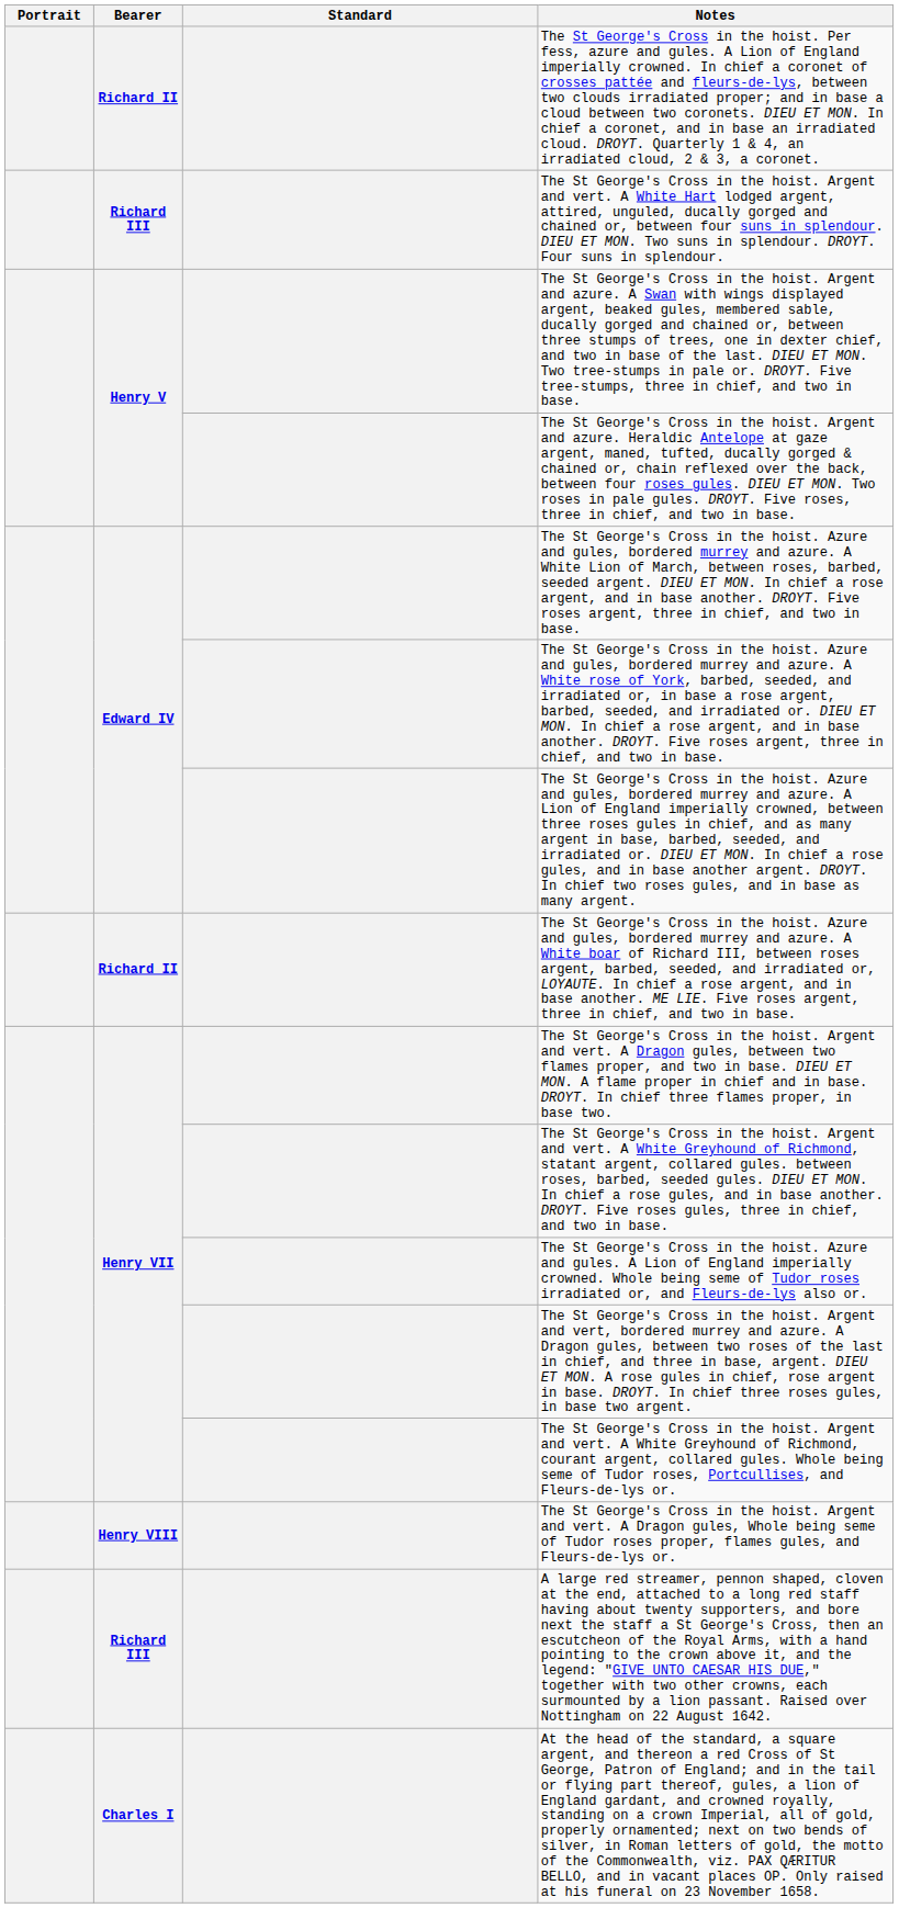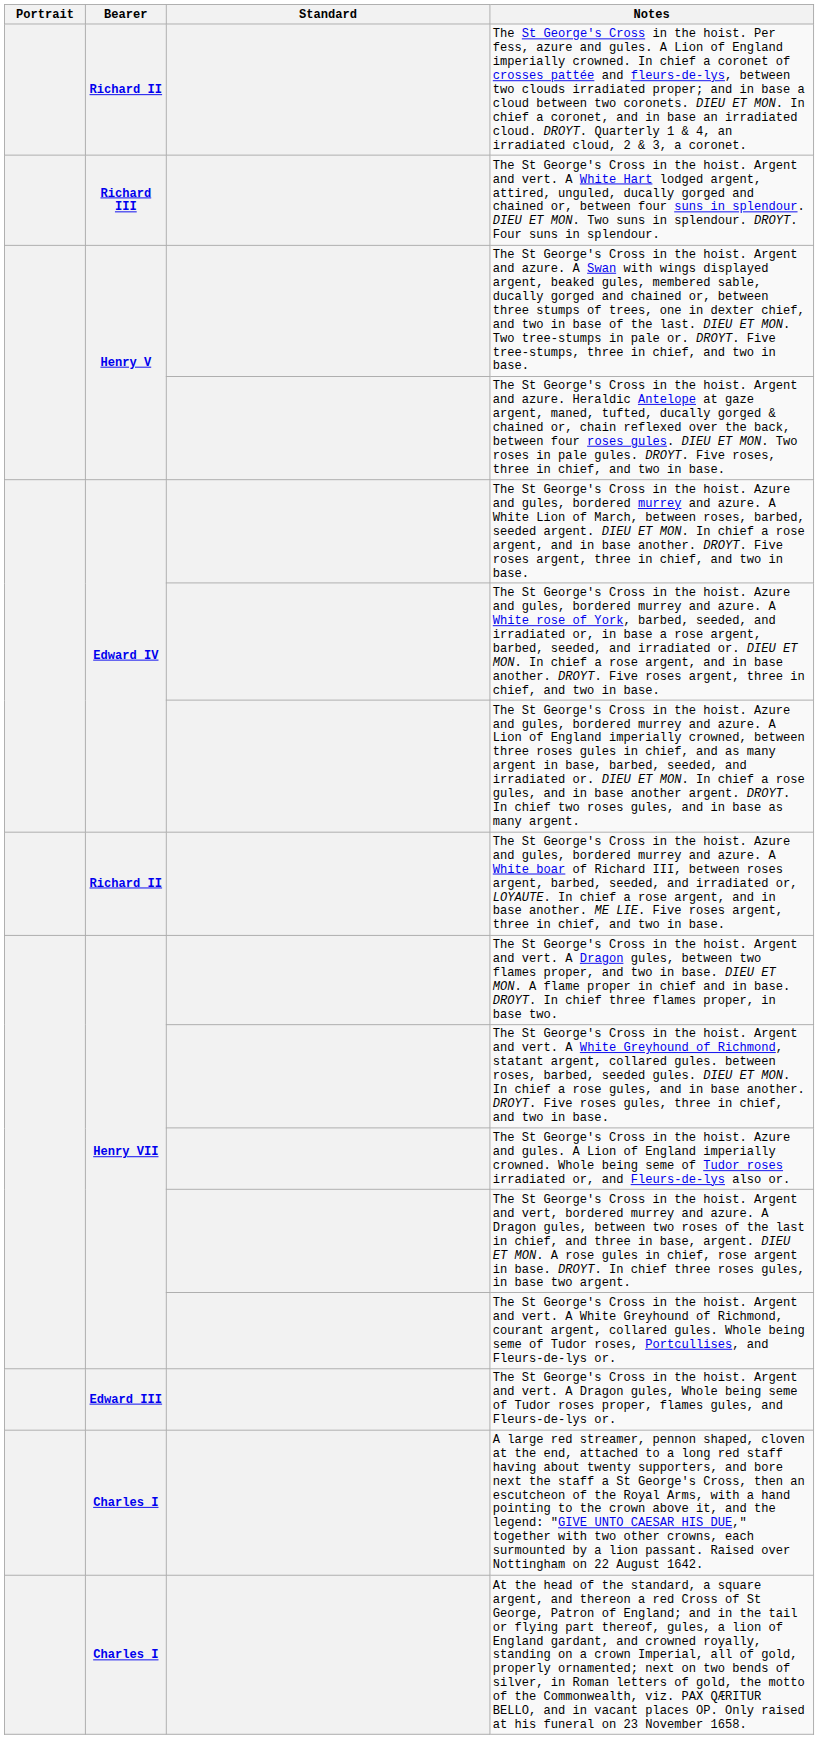 <table class="wikitable">
 <tr>
 <th style="width:10%">Portrait</th>
 <th style="width:10%">Bearer</th>
 <th style="width:40%">Standard</th>
 <th style="width:40%">Notes</th>
 </tr>
 <tr>
 <th></th>
 <th><a href='#'>Richard II</a></th>
 <th></th>
 <td>The <a href='#'>St George's Cross</a> in the hoist. Per fess, azure and gules. A Lion of England imperially crowned. In chief a coronet of <a href='#'>crosses pattée</a> and <a href='#'>fleurs-de-lys</a>, between two clouds irradiated proper; and in base a cloud between two coronets.  <em>DIEU ET MON</em>.  In chief a coronet, and in base an irradiated cloud.  <em>DROYT</em>.  Quarterly 1 & 4, an irradiated cloud, 2 & 3, a coronet.</td>
 </tr>
 <tr>
 <th></th>
 <th><a href='#'>Richard III</a></th>
 <th></th>
 <td>The St George's Cross in the hoist. Argent and vert. A <a href='#'>White Hart</a> lodged argent, attired, unguled, ducally gorged and chained or, between four <a href='#'>suns in splendour</a>.  <em>DIEU ET MON</em>.  Two suns in splendour.  <em>DROYT</em>. Four suns in splendour.</td>
 </tr>
 <tr>
 <th rowspan="2"></th>
 <th rowspan="2"><a href='#'>Henry V</a></th>
 <th></th>
 <td>The St George's Cross in the hoist. Argent and azure. A <a href='#'>Swan</a> with wings displayed argent, beaked gules, membered sable, ducally gorged and chained or, between three stumps of trees, one in dexter chief, and two in base of the last.  <em>DIEU ET MON</em>. Two tree-stumps in pale or.  <em>DROYT</em>. Five tree-stumps, three in chief, and two in base.</td>
 </tr>
 <tr>
 <th></th>
 <td>The St George's Cross in the hoist. Argent and azure. Heraldic <a href='#'>Antelope</a> at gaze argent, maned, tufted, ducally gorged & chained or, chain reflexed over the back, between four <a href='#'>roses gules</a>.  <em>DIEU ET MON</em>. Two roses in pale gules.  <em>DROYT</em>. Five roses, three in chief, and two in base.</td>
 </tr>
 <tr>
 <th rowspan="3"></th>
 <th rowspan="3"><a href='#'>Edward IV</a></th>
 <th></th>
 <td>The St George's Cross in the hoist. Azure and gules, bordered <a href='#'>murrey</a> and azure. A White Lion of March, between roses, barbed, seeded argent.  <em>DIEU ET MON</em>. In chief a rose argent, and in base another.  <em>DROYT</em>. Five roses argent, three in chief, and two in base.</td>
 </tr>
 <tr>
 <th></th>
 <td>The St George's Cross in the hoist. Azure and gules, bordered murrey and azure. A <a href='#'>White rose of York</a>, barbed, seeded, and irradiated or, in base a rose argent, barbed, seeded, and irradiated or. <em>DIEU ET MON</em>. In chief a rose argent, and in base another.  <em>DROYT</em>. Five roses argent, three in chief, and two in base.</td>
 </tr>
 <tr>
 <th></th>
 <td>The St George's Cross in the hoist. Azure and gules, bordered murrey and azure. A Lion of England imperially crowned, between three roses gules in chief, and as many argent in base, barbed, seeded, and irradiated or.  <em>DIEU ET MON</em>. In chief a rose gules, and in base another argent.  <em>DROYT</em>. In chief two roses gules, and in base as many argent.</td>
 </tr>
 <tr>
 <th></th>
 <th><a href='#'>Richard II</a></th>
 <th></th>
 <td>The St George's Cross in the hoist. Azure and gules, bordered murrey and azure. A <a href='#'>White boar</a> of Richard III, between roses argent, barbed, seeded, and irradiated or, <em>LOYAUTE</em>. In chief a rose argent, and in base another.  <em>ME LIE</em>. Five roses argent, three in chief, and two in base.</td>
 </tr>
 <tr>
 <th rowspan="5"></th>
 <th rowspan="5"><a href='#'>Henry VII</a></th>
 <th></th>
 <td>The St George's Cross in the hoist. Argent and vert. A <a href='#'>Dragon</a> gules, between two flames proper, and two in base.  <em>DIEU ET MON</em>. A flame proper in chief and in base.  <em>DROYT</em>. In chief three flames proper, in base two.</td>
 </tr>
 <tr>
 <th></th>
 <td>The St George's Cross in the hoist. Argent and vert. A <a href='#'>White Greyhound of Richmond</a>, statant argent, collared gules. between roses, barbed, seeded gules.  <em>DIEU ET MON</em>. In chief a rose gules, and in base another.  <em>DROYT</em>. Five roses gules, three in chief, and two in base.</td>
 </tr>
 <tr>
 <th></th>
 <td>The St George's Cross in the hoist. Azure and gules. A Lion of England imperially crowned. Whole being seme of <a href='#'>Tudor roses</a> irradiated or, and <a href='#'>Fleurs-de-lys</a> also or.</td>
 </tr>
 <tr>
 <th></th>
 <td>The St George's Cross in the hoist. Argent and vert, bordered murrey and azure. A Dragon gules, between two roses of the last in chief, and three in base, argent.  <em>DIEU ET MON</em>. A rose gules in chief, rose argent in base.  <em>DROYT</em>. In chief three roses gules, in base two argent.</td>
 </tr>
 <tr>
 <th></th>
 <td>The St George's Cross in the hoist. Argent and vert. A White Greyhound of Richmond, courant argent, collared gules. Whole being seme of Tudor roses, <a href='#'>Portcullises</a>, and Fleurs-de-lys or.</td>
 </tr>
 <tr>
 <th></th>
-<th><a href='#'>Henry VIII</a></th>
+<th><a href='#'>Edward III</a></th>
 <th></th>
 <td>The St George's Cross in the hoist. Argent and vert. A Dragon gules, Whole being seme of Tudor roses proper, flames gules, and Fleurs-de-lys or.</td>
 </tr>
 <tr>
 <th></th>
-<th><a href='#'>Richard III</a></th>
+<th><a href='#'>Charles I</a></th>
 <th></th>
 <td>A large red streamer, pennon shaped, cloven at the end, attached to a long red staff having about twenty supporters, and bore next the staff a St George's Cross, then an escutcheon of the Royal Arms, with a hand pointing to the crown above it, and the legend: "<a href='#'>GIVE UNTO CAESAR HIS DUE</a>," together with two other crowns, each surmounted by a lion passant. Raised over Nottingham on 22 August 1642.</td>
 </tr>
 <tr>
 <th></th>
 <th><a href='#'>Charles I</a></th>
 <th></th>
 <td>At the head of the standard, a square argent, and thereon a red Cross of St George, Patron of England; and in the tail or flying part thereof, gules, a lion of England gardant, and crowned royally, standing on a crown Imperial, all of gold, properly ornamented; next on two bends of silver, in Roman letters of gold, the motto of the Commonwealth, viz. PAX QÆRITUR BELLO, and in vacant places OP. Only raised at his funeral on 23 November 1658.</td>
 </tr>
 </table>
